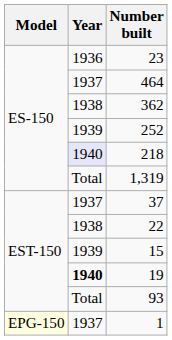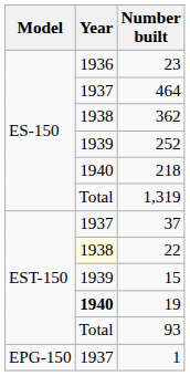 <table class="wikitable">
 <tr>
 <th>Model</th>
 <th>Year</th>
 <th>Number<br>built</th>
 </tr>
 <tr>
 <td rowspan=6>ES-150</td>
 <td align=right>1936</td>
 <td align=right>23</td>
 </tr>
 <tr>
 <td align=right>1937</td>
 <td align=right>464</td>
 </tr>
 <tr>
 <td align=right>1938</td>
 <td align=right>362</td>
 </tr>
 <tr>
 <td align=right>1939</td>
 <td align=right>252</td>
 </tr>
 <tr>
-<td align=right style="background: lavender;">1940</td>
+<td align=right>1940</td>
 <td align=right>218</td>
 </tr>
 <tr>
 <td>Total</td>
 <td align=right>1,319</td>
 </tr>
 <tr>
 <td rowspan=5>EST-150</td>
 <td align=right>1937</td>
 <td align=right>37</td>
 </tr>
 <tr>
-<td align=right>1938</td>
+<td align=right style="background: lightyellow;">1938</td>
 <td align=right>22</td>
 </tr>
 <tr>
 <td align=right>1939</td>
 <td align=right>15</td>
 </tr>
 <tr>
 <td align=right><strong>1940</strong></td>
 <td align=right>19</td>
 </tr>
 <tr>
 <td>Total</td>
 <td align=right>93</td>
 </tr>
 <tr>
-<td style="background: lightyellow;">EPG-150</td>
+<td>EPG-150</td>
 <td align=right>1937</td>
 <td align=right>1</td>
 </tr>
 </table>
